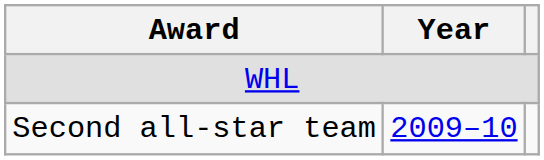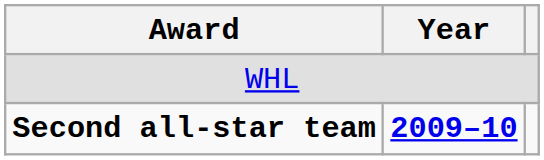 <table class="wikitable">
 <tr>
 <th>Award</th>
 <th>Year</th>
 <th></th>
 </tr>
 <tr ALIGN="center" bgcolor="#e0e0e0">
 <td colspan="3"><a href='#'>WHL</a></td>
 </tr>
 <tr>
-<td>Second all-star team</td>
-<td><a href='#'>2009–10</a></td>
+<td><strong>Second all-star team</strong></td>
+<td><strong><a href='#'>2009–10</a></strong></td>
 <td></td>
 </tr>
 </table>
